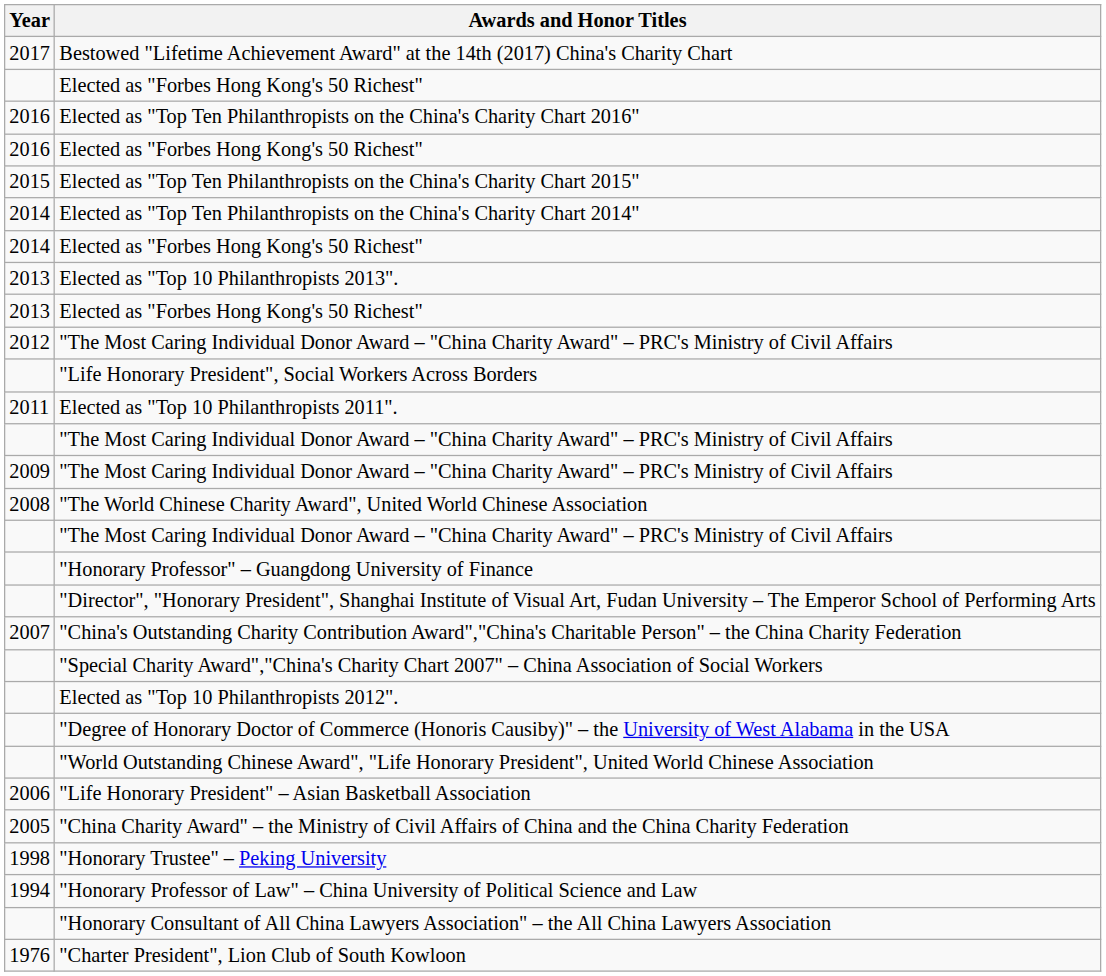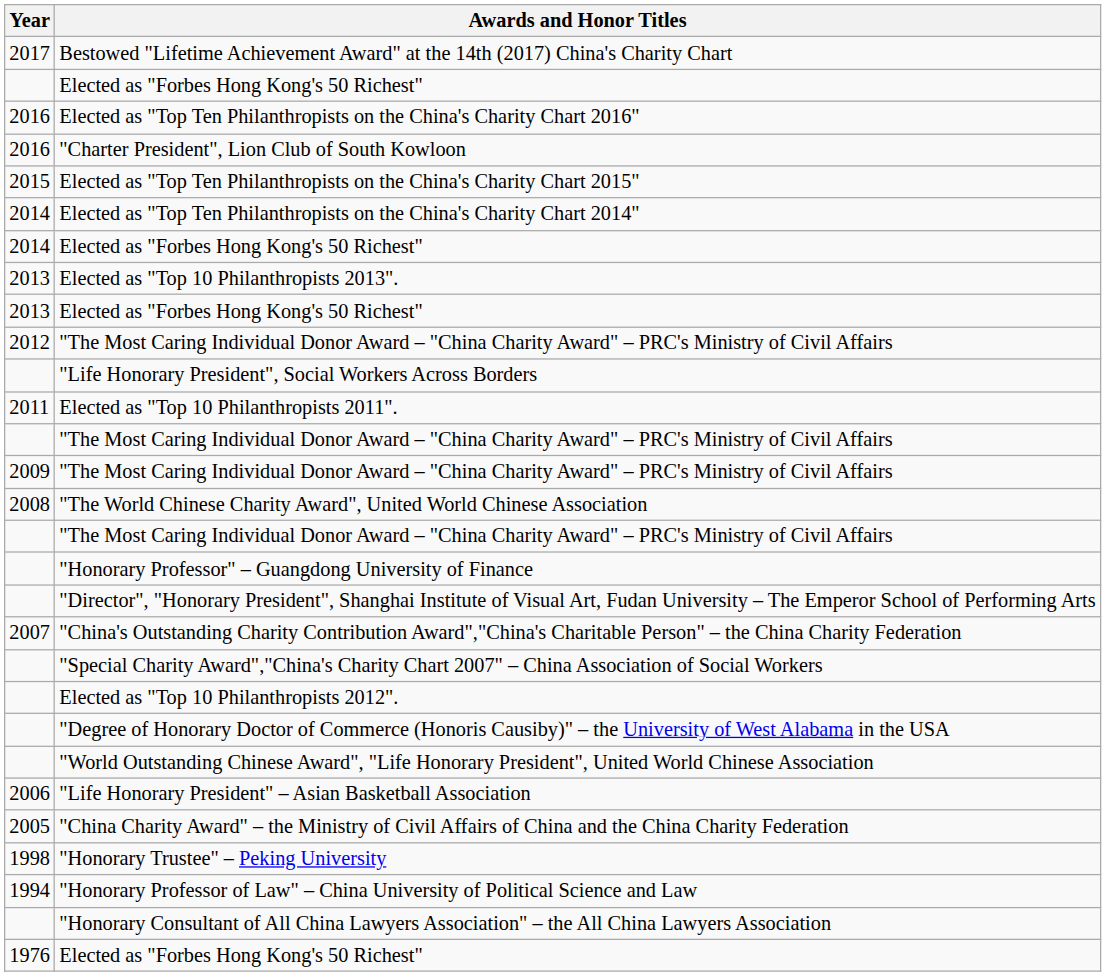 <table class="wikitable">
 <tr>
 <th>Year</th>
 <th>Awards and Honor Titles</th>
 </tr>
 <tr>
 <td>2017</td>
 <td>Bestowed "Lifetime Achievement Award" at the 14th (2017) China's Charity Chart</td>
 </tr>
 <tr>
 <td></td>
 <td>Elected as "Forbes Hong Kong's 50 Richest"</td>
 </tr>
 <tr>
 <td>2016</td>
 <td>Elected as "Top Ten Philanthropists on the China's Charity Chart 2016"</td>
 </tr>
 <tr>
 <td>2016</td>
-<td>Elected as "Forbes Hong Kong's 50 Richest"</td>
+<td>"Charter President", Lion Club of South Kowloon</td>
 </tr>
 <tr>
 <td>2015</td>
 <td>Elected as "Top Ten Philanthropists on the China's Charity Chart 2015"</td>
 </tr>
 <tr>
 <td>2014</td>
 <td>Elected as "Top Ten Philanthropists on the China's Charity Chart 2014"</td>
 </tr>
 <tr>
 <td>2014</td>
 <td>Elected as "Forbes Hong Kong's 50 Richest"</td>
 </tr>
 <tr>
 <td>2013</td>
 <td>Elected as "Top 10 Philanthropists 2013".</td>
 </tr>
 <tr>
 <td>2013</td>
 <td>Elected as "Forbes Hong Kong's 50 Richest"</td>
 </tr>
 <tr>
 <td>2012</td>
 <td>"The Most Caring Individual Donor Award – "China Charity Award" – PRC's Ministry of Civil Affairs</td>
 </tr>
 <tr>
 <td></td>
 <td>"Life Honorary President", Social Workers Across Borders</td>
 </tr>
 <tr>
 <td>2011</td>
 <td>Elected as "Top 10 Philanthropists 2011".</td>
 </tr>
 <tr>
 <td></td>
 <td>"The Most Caring Individual Donor Award – "China Charity Award" – PRC's Ministry of Civil Affairs</td>
 </tr>
 <tr>
 <td>2009</td>
 <td>"The Most Caring Individual Donor Award – "China Charity Award" – PRC's Ministry of Civil Affairs</td>
 </tr>
 <tr>
 <td>2008</td>
 <td>"The World Chinese Charity Award", United World Chinese Association</td>
 </tr>
 <tr>
 <td></td>
 <td>"The Most Caring Individual Donor Award – "China Charity Award" – PRC's Ministry of Civil Affairs</td>
 </tr>
 <tr>
 <td></td>
 <td>"Honorary Professor" – Guangdong University of Finance</td>
 </tr>
 <tr>
 <td></td>
 <td>"Director", "Honorary President", Shanghai Institute of Visual Art, Fudan University – The Emperor School of Performing Arts</td>
 </tr>
 <tr>
 <td>2007</td>
 <td>"China's Outstanding Charity Contribution Award","China's Charitable Person" – the China Charity Federation</td>
 </tr>
 <tr>
 <td></td>
 <td>"Special Charity Award","China's Charity Chart 2007" – China Association of Social Workers</td>
 </tr>
 <tr>
 <td></td>
 <td>Elected as "Top 10 Philanthropists 2012".</td>
 </tr>
 <tr>
 <td></td>
 <td>"Degree of Honorary Doctor of Commerce (Honoris Causiby)" – the <a href='#'>University of West Alabama</a> in the USA</td>
 </tr>
 <tr>
 <td></td>
 <td>"World Outstanding Chinese Award", "Life Honorary President", United World Chinese Association</td>
 </tr>
 <tr>
 <td>2006</td>
 <td>"Life Honorary President" – Asian Basketball Association</td>
 </tr>
 <tr>
 <td>2005</td>
 <td>"China Charity Award" – the Ministry of Civil Affairs of China and the China Charity Federation</td>
 </tr>
 <tr>
 <td>1998</td>
 <td>"Honorary Trustee" – <a href='#'>Peking University</a></td>
 </tr>
 <tr>
 <td>1994</td>
 <td>"Honorary Professor of Law" – China University of Political Science and Law</td>
 </tr>
 <tr>
 <td></td>
 <td>"Honorary Consultant of All China Lawyers Association" – the All China Lawyers Association</td>
 </tr>
 <tr>
 <td>1976</td>
-<td>"Charter President", Lion Club of South Kowloon</td>
+<td>Elected as "Forbes Hong Kong's 50 Richest"</td>
 </tr>
 </table>
